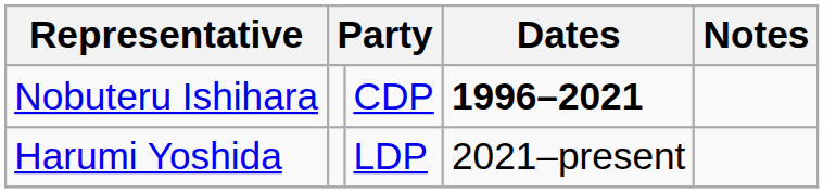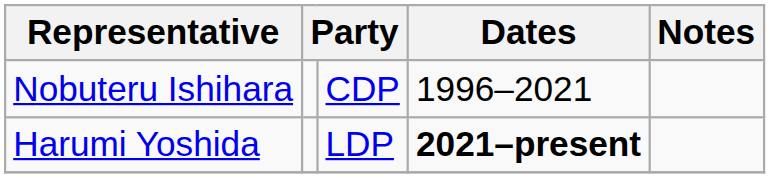 <table class=wikitable>
 <tr valign=bottom>
 <th>Representative</th>
 <th colspan="2">Party</th>
 <th>Dates</th>
 <th>Notes</th>
 </tr>
 <tr>
 <td><a href='#'>Nobuteru Ishihara</a></td>
 <td bgcolor=></td>
 <td><a href='#'>CDP</a></td>
-<td><strong>1996–2021</strong></td>
+<td>1996–2021</td>
 <td></td>
 </tr>
 <tr>
 <td><a href='#'>Harumi Yoshida</a></td>
 <td bgcolor=></td>
 <td><a href='#'>LDP</a></td>
-<td>2021–present</td>
+<td><strong>2021–present</strong></td>
 <td></td>
 </tr>
 <tr>
 </tr>
 </table>
